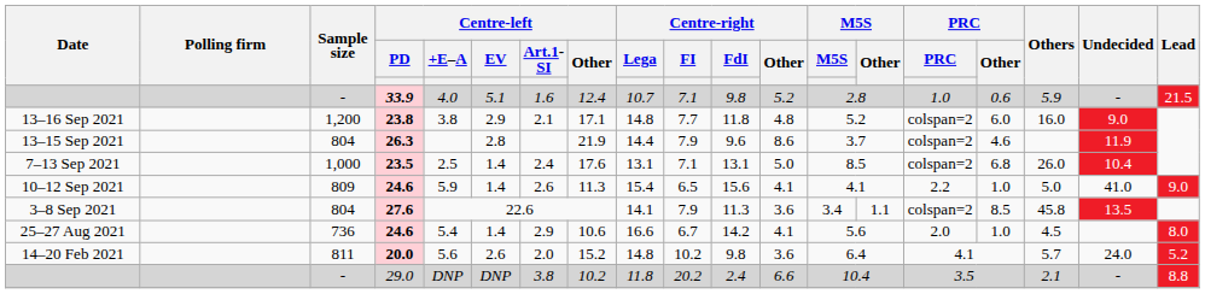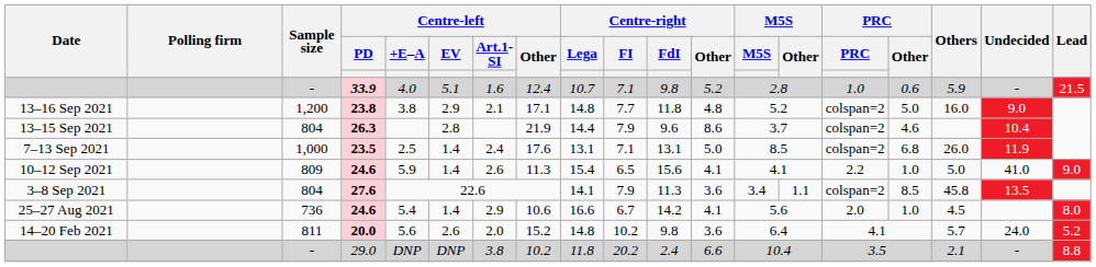 <table class=wikitable style="text-align:center;font-size:85%;line-height:13px">
 <tr style="height:30px; background-color:#E9E9E9">
 <th style="width:110px;" rowspan="3">Date</th>
 <th style="width:140px;" rowspan="3">Polling firm</th>
 <th style="width:50px;" rowspan="3">Sample size</th>
 <th colspan="5" style="width:35px;"><a href='#'>Centre-left</a></th>
 <th colspan="4" style="width:35px;"><a href='#'>Centre-right</a></th>
 <th colspan="2" style="width:35px;"><a href='#'>M5S</a></th>
 <th colspan="2" style="width:35px;"><a href='#'>PRC</a></th>
 <th style="width:35px;" rowspan="3">Others</th>
 <th style="width:35px;" rowspan="3">Undecided</th>
 <th style="width:25px;" rowspan="3">Lead</th>
 </tr>
 <tr>
 <th style="width:35px;"><a href='#'>PD</a></th>
 <th style="width:35px;"><a href='#'>+E</a>–<a href='#'>A</a></th>
 <th style="width:35px;"><a href='#'>EV</a></th>
 <th style="width:35px;"><a href='#'>Art.1</a>-<a href='#'>SI</a></th>
 <th rowspan="2" style="width:35px;">Other</th>
 <th style="width:35px;"><a href='#'>Lega</a></th>
 <th style="width:35px;"><a href='#'>FI</a></th>
 <th style="width:35px;"><a href='#'>FdI</a></th>
 <th rowspan="2" style="width:35px;">Other</th>
 <th style="width:35px;"><a href='#'>M5S</a></th>
 <th rowspan="2" style="width:35px;">Other</th>
 <th style="width:35px;"><a href='#'>PRC</a></th>
 <th rowspan="2" style="width:35px;">Other</th>
 </tr>
 <tr>
 <th style="background:"></th>
 <th style="background:"></th>
 <th style="background:"></th>
 <th style="background:"></th>
 <th style="background:"></th>
 <th style="background:"></th>
 <th style="background:"></th>
 <th style="background:"></th>
 <th style="background:"></th>
 </tr>
 <tr>
 <td style="background:#D5D5D5"></td>
 <td style="background:#D5D5D5"></td>
 <td style="background:#D5D5D5"><em>-</em></td>
 <td style="background:#FFD0D7"><strong><em>33.9</em></strong></td>
 <td style="background:#D5D5D5"><em>4.0</em></td>
 <td style="background:#D5D5D5"><em>5.1</em></td>
 <td style="background:#D5D5D5"><em>1.6</em></td>
 <td style="background:#D5D5D5"><em>12.4</em></td>
 <td style="background:#D5D5D5"><em>10.7</em></td>
 <td style="background:#D5D5D5"><em>7.1</em></td>
 <td style="background:#D5D5D5"><em>9.8</em></td>
 <td style="background:#D5D5D5"><em>5.2</em></td>
 <td style="background:#D5D5D5" colspan=2><em>2.8</em></td>
 <td style="background:#D5D5D5"><em>1.0</em></td>
 <td style="background:#D5D5D5"><em>0.6</em></td>
 <td style="background:#D5D5D5"><em>5.9</em></td>
 <td style="background:#D5D5D5"><em>-</em></td>
 <td style="background:#EF1C27; color:white;">21.5</td>
 </tr>
 <tr>
 <td>13–16 Sep 2021</td>
 <td></td>
 <td>1,200</td>
 <td style="background:#FFD0D7"><strong>23.8</strong></td>
 <td>3.8</td>
 <td>2.9</td>
 <td>2.1</td>
 <td>17.1</td>
 <td>14.8</td>
 <td>7.7</td>
 <td>11.8</td>
 <td>4.8</td>
 <td colspan=2>5.2</td>
 <td>colspan=2</td>
-<td>6.0</td>
+<td>5.0</td>
 <td>16.0</td>
 <td style="background:#EF1C27; color:white;">9.0</td>
 </tr>
 <tr>
 <td>13–15 Sep 2021</td>
 <td></td>
 <td>804</td>
 <td style="background:#FFD0D7"><strong>26.3</strong></td>
 <td></td>
 <td>2.8</td>
 <td></td>
 <td>21.9</td>
 <td>14.4</td>
 <td>7.9</td>
 <td>9.6</td>
 <td>8.6</td>
 <td colspan=2>3.7</td>
 <td>colspan=2</td>
 <td>4.6</td>
 <td></td>
-<td style="background:#EF1C27; color:white;">11.9</td>
+<td style="background:#EF1C27; color:white;">10.4</td>
 </tr>
 <tr>
 <td>7–13 Sep 2021</td>
 <td></td>
 <td>1,000</td>
 <td style="background:#FFD0D7"><strong>23.5</strong></td>
 <td>2.5</td>
 <td>1.4</td>
 <td>2.4</td>
 <td>17.6</td>
 <td>13.1</td>
 <td>7.1</td>
 <td>13.1</td>
 <td>5.0</td>
 <td colspan=2>8.5</td>
 <td>colspan=2</td>
 <td>6.8</td>
 <td>26.0</td>
-<td style="background:#EF1C27; color:white;">10.4</td>
+<td style="background:#EF1C27; color:white;">11.9</td>
 </tr>
 <tr>
 <td>10–12 Sep 2021</td>
 <td></td>
 <td>809</td>
 <td style="background:#FFD0D7"><strong>24.6</strong></td>
 <td>5.9</td>
 <td>1.4</td>
 <td>2.6</td>
 <td>11.3</td>
 <td>15.4</td>
 <td>6.5</td>
 <td>15.6</td>
 <td>4.1</td>
 <td colspan=2>4.1</td>
 <td>2.2</td>
 <td>1.0</td>
 <td>5.0</td>
 <td>41.0</td>
 <td style="background:#EF1C27; color:white;">9.0</td>
 </tr>
 <tr>
 <td>3–8 Sep 2021</td>
 <td></td>
 <td>804</td>
 <td style="background:#FFD0D7"><strong>27.6</strong></td>
 <td colspan=4>22.6</td>
 <td>14.1</td>
 <td>7.9</td>
 <td>11.3</td>
 <td>3.6</td>
 <td>3.4</td>
 <td>1.1</td>
 <td>colspan=2</td>
 <td>8.5</td>
 <td>45.8</td>
 <td style="background:#EF1C27; color:white;">13.5</td>
 </tr>
 <tr>
 <td>25–27 Aug 2021</td>
 <td></td>
 <td>736</td>
 <td style="background:#FFD0D7"><strong>24.6</strong></td>
 <td>5.4</td>
 <td>1.4</td>
 <td>2.9</td>
 <td>10.6</td>
 <td>16.6</td>
 <td>6.7</td>
 <td>14.2</td>
 <td>4.1</td>
 <td colspan=2>5.6</td>
 <td>2.0</td>
 <td>1.0</td>
 <td>4.5</td>
 <td></td>
 <td style="background:#EF1C27; color:white;">8.0</td>
 </tr>
 <tr>
 <td>14–20 Feb 2021</td>
 <td></td>
 <td>811</td>
 <td style="background:#FFD0D7"><strong>20.0</strong></td>
 <td>5.6</td>
 <td>2.6</td>
 <td>2.0</td>
 <td>15.2</td>
 <td>14.8</td>
 <td>10.2</td>
 <td>9.8</td>
 <td>3.6</td>
 <td colspan=2>6.4</td>
 <td colspan=2>4.1</td>
 <td>5.7</td>
 <td>24.0</td>
 <td style="background:#EF1C27; color:white;">5.2</td>
 </tr>
 <tr>
 <td style="background:#D5D5D5"></td>
 <td style="background:#D5D5D5"></td>
 <td style="background:#D5D5D5"><em>-</em></td>
 <td style="background:#D5D5D5"><em>29.0</em></td>
 <td style="background:#D5D5D5"><em>DNP</em></td>
 <td style="background:#D5D5D5"><em>DNP</em></td>
 <td style="background:#D5D5D5"><em>3.8</em></td>
 <td style="background:#D5D5D5"><em>10.2</em></td>
 <td style="background:#D5D5D5"><em>11.8</em></td>
 <td style="background:#D5D5D5"><em>20.2</em></td>
 <td style="background:#D5D5D5"><em>2.4</em></td>
 <td style="background:#D5D5D5"><em>6.6</em></td>
 <td colspan=2 style="background:#D5D5D5"><em>10.4</em></td>
 <td colspan=2 style="background:#D5D5D5"><em>3.5</em></td>
 <td style="background:#D5D5D5"><em>2.1</em></td>
 <td style="background:#D5D5D5"><em>-</em></td>
 <td style="background:#EF1C27; color:white;">8.8</td>
 </tr>
 <tr>
 </tr>
 </table>
